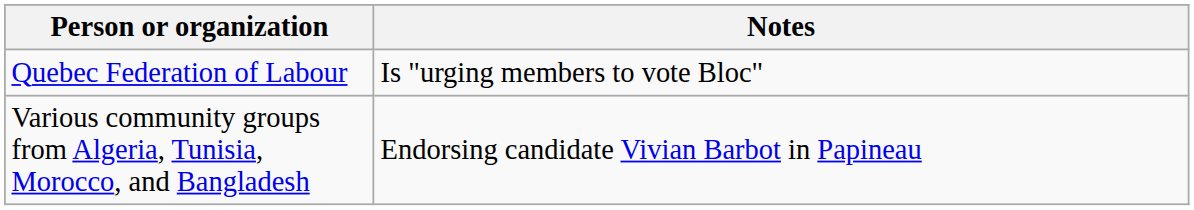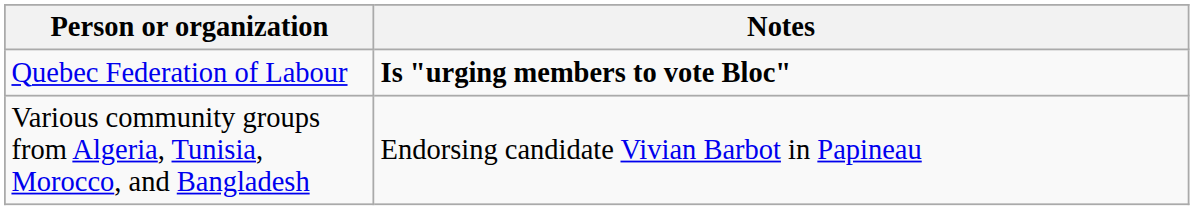 <table class="wikitable">
 <tr>
 <th bgcolor="#DDDDFF" width="200px">Person or organization</th>
 <th bgcolor="#DDDDFF" width="450px">Notes</th>
 </tr>
 <tr>
 <td><a href='#'>Quebec Federation of Labour</a></td>
-<td>Is "urging members to vote Bloc"</td>
+<td><strong>Is "urging members to vote Bloc"</strong></td>
 </tr>
 <tr>
 <td>Various community groups from <a href='#'>Algeria</a>, <a href='#'>Tunisia</a>, <a href='#'>Morocco</a>, and <a href='#'>Bangladesh</a></td>
 <td>Endorsing candidate <a href='#'>Vivian Barbot</a> in <a href='#'>Papineau</a></td>
 </tr>
 </table>
